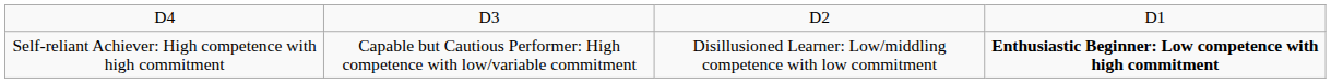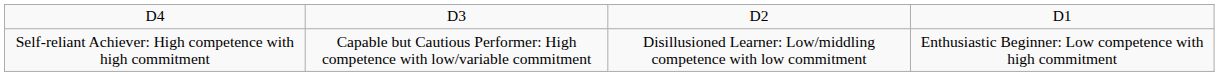 <table class="wikitable">
 <tr>
 <td align="center">D4</td>
 <td width="25%" align="center">D3</td>
 <td width="25%" align="center">D2</td>
 <td align="center">D1</td>
 </tr>
 <tr>
 <td align="center">Self-reliant Achiever: High competence with high commitment</td>
 <td align="center">Capable but Cautious Performer: High competence with low/variable commitment</td>
 <td align="center">Disillusioned Learner: Low/middling competence with low commitment</td>
-<td align="center"><strong>Enthusiastic Beginner: Low competence with high commitment</strong></td>
+<td align="center">Enthusiastic Beginner: Low competence with high commitment</td>
 </tr>
 </table>
